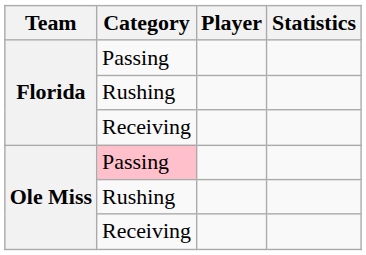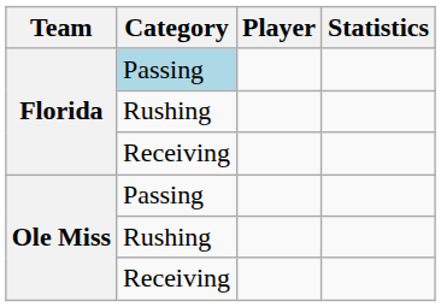 <table class="wikitable" style="float:right">
 <tr>
 <th>Team</th>
 <th>Category</th>
 <th>Player</th>
 <th>Statistics</th>
 </tr>
 <tr>
 <th rowspan=3>Florida</th>
-<td>Passing</td>
+<td style="background: lightblue;">Passing</td>
 <td></td>
 <td></td>
 </tr>
 <tr>
 <td>Rushing</td>
 <td></td>
 <td></td>
 </tr>
 <tr>
 <td>Receiving</td>
 <td></td>
 <td></td>
 </tr>
 <tr>
 <th rowspan=3>Ole Miss</th>
-<td style="background: pink;">Passing</td>
+<td>Passing</td>
 <td></td>
 <td></td>
 </tr>
 <tr>
 <td>Rushing</td>
 <td></td>
 <td></td>
 </tr>
 <tr>
 <td>Receiving</td>
 <td></td>
 <td></td>
 </tr>
 </table>
